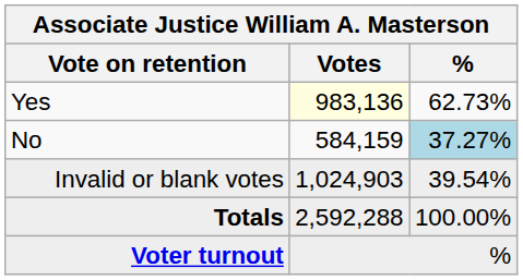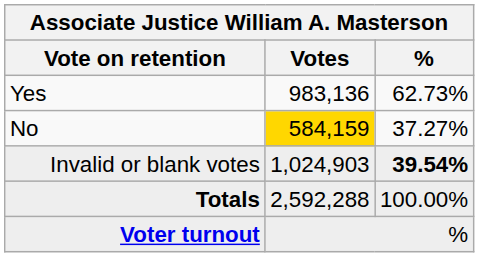 <table class="wikitable" style="font-size: 95%;">
 <tr style="background-color:#E9E9E9">
 <th colspan=7>Associate Justice William A. Masterson</th>
 </tr>
 <tr style="background-color:#E9E9E9">
 <th style="width: 170px">Vote on retention</th>
 <th style="width: 50px">Votes</th>
 <th style="width: 40px">%</th>
 </tr>
 <tr>
 <td>Yes</td>
-<td align="right" style="background: lightyellow;">983,136</td>
+<td align="right">983,136</td>
 <td align="right">62.73%</td>
 </tr>
 <tr>
 <td>No</td>
-<td align="right">584,159</td>
-<td align="right" style="background: lightblue;">37.27%</td>
+<td align="right" style="background: gold;">584,159</td>
+<td align="right">37.27%</td>
 </tr>
 <tr style="background-color:#EEEEEE">
 <td align="right">Invalid or blank votes</td>
 <td align="right">1,024,903</td>
-<td align="right">39.54%</td>
+<td align="right"><strong>39.54%</strong></td>
 </tr>
 <tr style="background-color:#EEEEEE">
 <td colspan="1" align="right"><strong>Totals</strong></td>
 <td align="right">2,592,288</td>
 <td align="right">100.00%</td>
 </tr>
 <tr style="background-color:#EEEEEE">
 <td align="right"><strong><a href='#'>Voter turnout</a></strong></td>
 <td colspan="2" align="right">%</td>
 </tr>
 </table>
